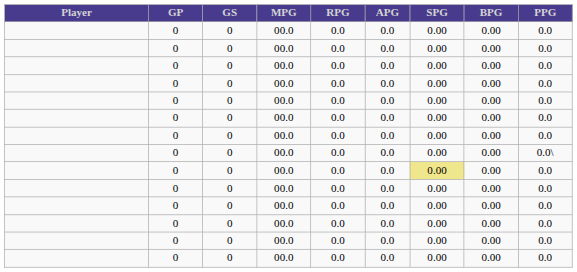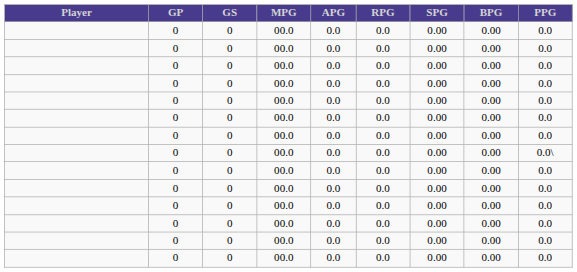 <table class="wikitable sortable" style="text-align:center;">
 <tr>
 <th style="background:#483B8D;color:#D3D3D3;" width="16%">Player</th>
 <th style="background:#483B8D;color:#D3D3D3;" width="6%">GP</th>
 <th style="background:#483B8D;color:#D3D3D3;" width="6%">GS</th>
 <th style="background:#483B8D;color:#D3D3D3;" width="6%">MPG</th>
+<th style="background:#483B8D;color:#D3D3D3;" width="5%">APG</th>
 <th style="background:#483B8D;color:#D3D3D3;" width="6%">RPG</th>
-<th style="background:#483B8D;color:#D3D3D3;" width="5%">APG</th>
 <th style="background:#483B8D;color:#D3D3D3;" width="6%">SPG</th>
 <th style="background:#483B8D;color:#D3D3D3;" width="6%">BPG</th>
 <th style="background:#483B8D;color:#D3D3D3;" width="6%">PPG</th>
 </tr>
 <tr>
 <td></td>
 <td>0</td>
 <td>0</td>
 <td>00.0</td>
 <td>0.0</td>
 <td>0.0</td>
 <td>0.00</td>
 <td>0.00</td>
 <td>0.0</td>
 </tr>
 <tr>
 <td></td>
 <td>0</td>
 <td>0</td>
 <td>00.0</td>
 <td>0.0</td>
 <td>0.0</td>
 <td>0.00</td>
 <td>0.00</td>
 <td>0.0</td>
 </tr>
 <tr>
 <td></td>
 <td>0</td>
 <td>0</td>
 <td>00.0</td>
 <td>0.0</td>
 <td>0.0</td>
 <td>0.00</td>
 <td>0.00</td>
 <td>0.0</td>
 </tr>
 <tr>
 <td></td>
 <td>0</td>
 <td>0</td>
 <td>00.0</td>
 <td>0.0</td>
 <td>0.0</td>
 <td>0.00</td>
 <td>0.00</td>
 <td>0.0</td>
 </tr>
 <tr>
 <td></td>
 <td>0</td>
 <td>0</td>
 <td>00.0</td>
 <td>0.0</td>
 <td>0.0</td>
 <td>0.00</td>
 <td>0.00</td>
 <td>0.0</td>
 </tr>
 <tr>
 <td></td>
 <td>0</td>
 <td>0</td>
 <td>00.0</td>
 <td>0.0</td>
 <td>0.0</td>
 <td>0.00</td>
 <td>0.00</td>
 <td>0.0</td>
 </tr>
 <tr>
 <td></td>
 <td>0</td>
 <td>0</td>
 <td>00.0</td>
 <td>0.0</td>
 <td>0.0</td>
 <td>0.00</td>
 <td>0.00</td>
 <td>0.0</td>
 </tr>
 <tr>
 <td></td>
 <td>0</td>
 <td>0</td>
 <td>00.0</td>
 <td>0.0</td>
 <td>0.0</td>
 <td>0.00</td>
 <td>0.00</td>
 <td>0.0\</td>
 </tr>
 <tr>
 <td></td>
 <td>0</td>
 <td>0</td>
 <td>00.0</td>
 <td>0.0</td>
 <td>0.0</td>
-<td style="background: khaki;">0.00</td>
+<td>0.00</td>
 <td>0.00</td>
 <td>0.0</td>
 </tr>
 <tr>
 <td></td>
 <td>0</td>
 <td>0</td>
 <td>00.0</td>
 <td>0.0</td>
 <td>0.0</td>
 <td>0.00</td>
 <td>0.00</td>
 <td>0.0</td>
 </tr>
 <tr>
 <td></td>
 <td>0</td>
 <td>0</td>
 <td>00.0</td>
 <td>0.0</td>
 <td>0.0</td>
 <td>0.00</td>
 <td>0.00</td>
 <td>0.0</td>
 </tr>
 <tr>
 <td></td>
 <td>0</td>
 <td>0</td>
 <td>00.0</td>
 <td>0.0</td>
 <td>0.0</td>
 <td>0.00</td>
 <td>0.00</td>
 <td>0.0</td>
 </tr>
 <tr>
 <td></td>
 <td>0</td>
 <td>0</td>
 <td>00.0</td>
 <td>0.0</td>
 <td>0.0</td>
 <td>0.00</td>
 <td>0.00</td>
 <td>0.0</td>
 </tr>
 <tr>
 <td></td>
 <td>0</td>
 <td>0</td>
 <td>00.0</td>
 <td>0.0</td>
 <td>0.0</td>
 <td>0.00</td>
 <td>0.00</td>
 <td>0.0</td>
 </tr>
 </table>
